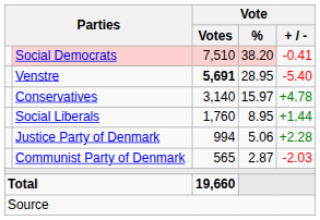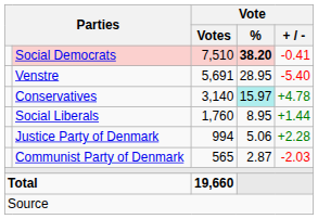 <table class="wikitable" style="text-align:right;">
 <tr>
 <th style="text-align:centre;" rowspan="2" colspan="2" width="225">Parties</th>
 <th colspan="3">Vote</th>
 </tr>
 <tr>
 <th width="15">Votes</th>
 <th width="15">%</th>
 <th width="15">+ / -</th>
 </tr>
 <tr>
 <td width="2" style="color:inherit;background:"></td>
 <td bgcolor=#fbd0ce  align="left"><a href='#'>Social Democrats</a></td>
 <td bgcolor=#fbd0ce>7,510</td>
-<td bgcolor=#fbd0ce>38.20</td>
+<td bgcolor=#fbd0ce><strong>38.20</strong></td>
 <td style=color:red;>-0.41</td>
 </tr>
 <tr>
 <td width="2" style="color:inherit;background:"></td>
 <td align="left"><a href='#'>Venstre</a></td>
-<td><strong>5,691</strong></td>
+<td>5,691</td>
 <td>28.95</td>
 <td style=color:red;>-5.40</td>
 </tr>
 <tr>
 <td width="2" style="color:inherit;background:"></td>
 <td align="left"><a href='#'>Conservatives</a></td>
 <td>3,140</td>
-<td>15.97</td>
+<td style="background: paleturquoise;">15.97</td>
 <td style=color:green;>+4.78</td>
 </tr>
 <tr>
 <td width="2" style="color:inherit;background:"></td>
 <td align="left"><a href='#'>Social Liberals</a></td>
 <td>1,760</td>
 <td>8.95</td>
 <td style=color:green;>+1.44</td>
 </tr>
 <tr>
 <td width="2" style="color:inherit;background:"></td>
 <td align="left"><a href='#'>Justice Party of Denmark</a></td>
 <td>994</td>
 <td>5.06</td>
 <td style=color:green;>+2.28</td>
 </tr>
 <tr>
 <td width="2" style="color:inherit;background:"></td>
 <td align="left"><a href='#'>Communist Party of Denmark</a></td>
 <td>565</td>
 <td>2.87</td>
 <td style=color:red;>-2.03</td>
 </tr>
 <tr>
 <td colspan="7" bgcolor="#E9E9E9"></td>
 </tr>
 <tr>
 <td align="left" colspan="2"><strong>Total</strong></td>
 <td><strong>19,660</strong></td>
 <td bgcolor="#E9E9E9" colspan="2"></td>
 </tr>
 <tr>
 <td align="left" colspan="6">Source</td>
 </tr>
 </table>
